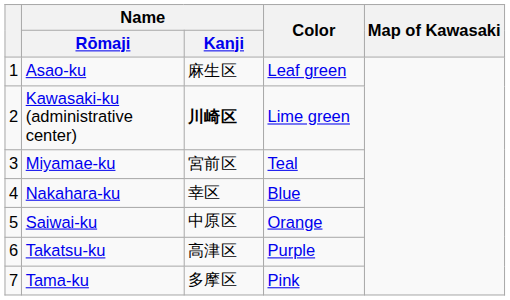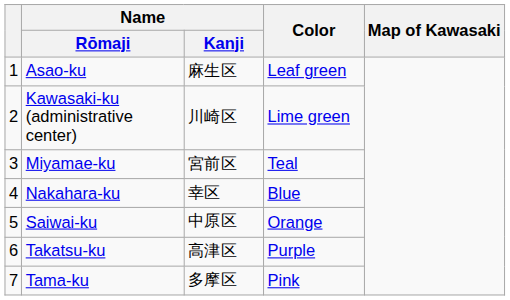 <table class="wikitable" style="margin-left: auto; margin-right: auto;">
 <tr>
 <th rowspan="2"></th>
 <th colspan="2">Name</th>
 <th rowspan=2 width=90pt>Color</th>
 <th rowspan=2>Map of Kawasaki</th>
 </tr>
 <tr>
 <th style="width: 150px;"><a href='#'>Rōmaji</a></th>
 <th style="width: 70px;"><a href='#'>Kanji</a></th>
 </tr>
 <tr>
 <td style="text-align: center;" "width: 20px;">1</td>
 <td><a href='#'>Asao-ku</a></td>
 <td>麻生区</td>
 <td><a href='#'>Leaf green</a></td>
 <td rowspan="7"><div><br>        </div></td>
 </tr>
 <tr>
 <td style="text-align: center;">2</td>
 <td><a href='#'>Kawasaki-ku</a><br>(administrative center)</td>
-<td><strong>川崎区</strong></td>
+<td>川崎区</td>
 <td><a href='#'>Lime green</a></td>
 </tr>
 <tr>
 <td style="text-align: center;">3</td>
 <td><a href='#'>Miyamae-ku</a></td>
 <td>宮前区</td>
 <td><a href='#'>Teal</a></td>
 </tr>
 <tr>
 <td style="text-align: center;">4</td>
 <td><a href='#'>Nakahara-ku</a></td>
 <td>幸区</td>
 <td><a href='#'>Blue</a></td>
 </tr>
 <tr>
 <td style="text-align: center;">5</td>
 <td><a href='#'>Saiwai-ku</a></td>
 <td>中原区</td>
 <td><a href='#'>Orange</a></td>
 </tr>
 <tr>
 <td style="text-align: center;">6</td>
 <td><a href='#'>Takatsu-ku</a></td>
 <td>高津区</td>
 <td><a href='#'>Purple</a></td>
 </tr>
 <tr>
 <td style="text-align: center;">7</td>
 <td><a href='#'>Tama-ku</a></td>
 <td>多摩区</td>
 <td><a href='#'>Pink</a></td>
 </tr>
 </table>
